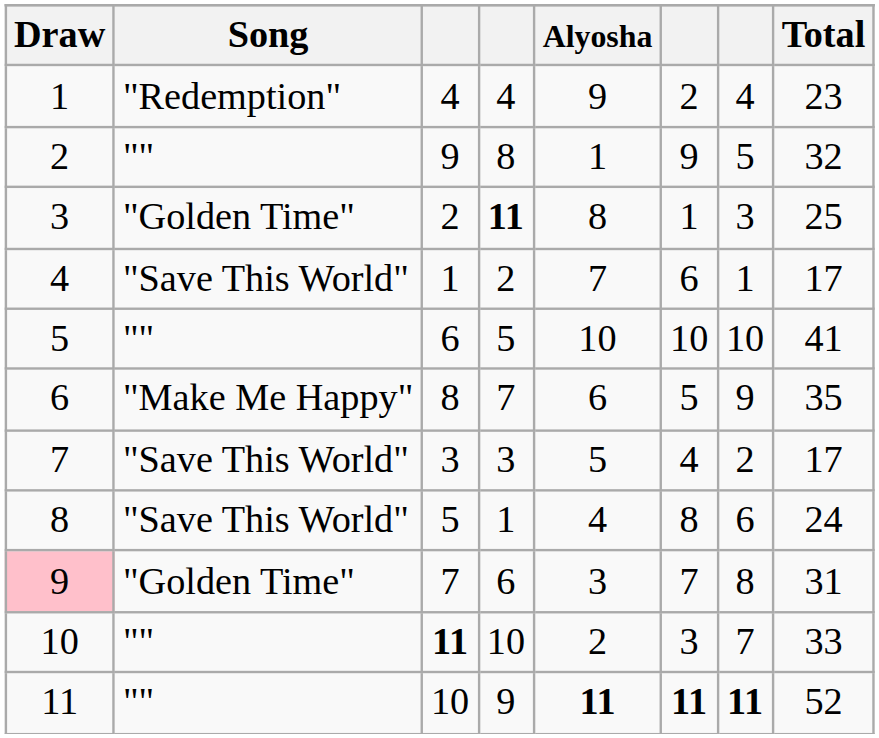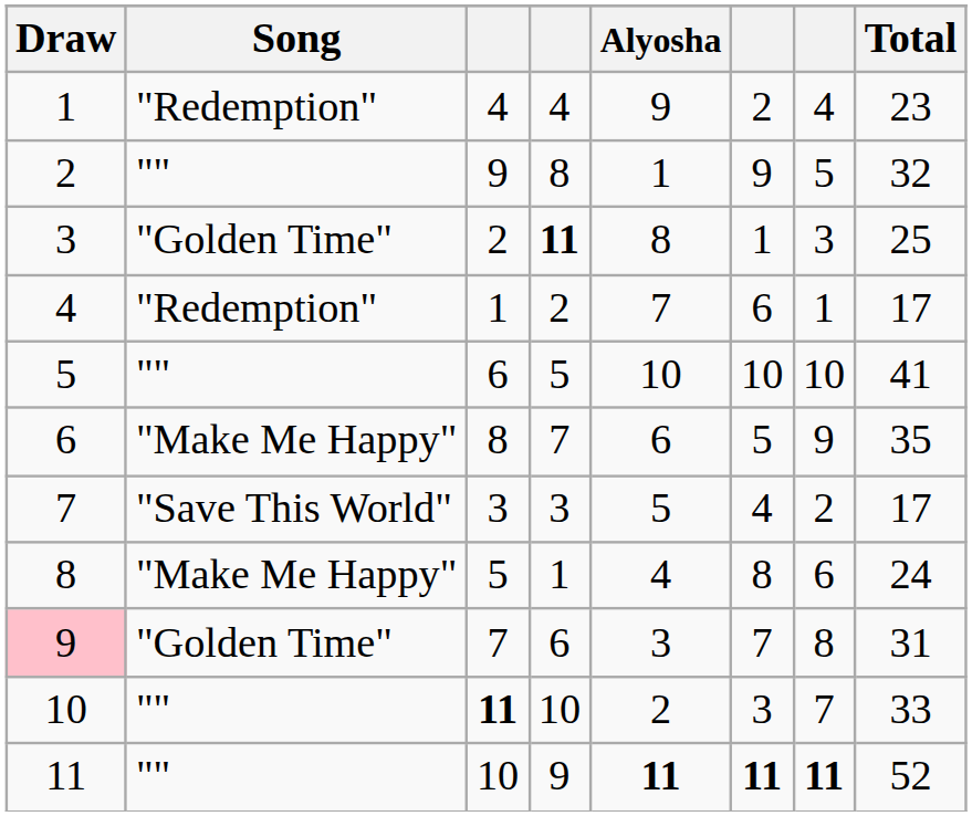 <table class="wikitable collapsible" style="margin: 1em auto 1em auto; text-align:center;">
 <tr>
 </tr>
 <tr>
 <th>Draw</th>
 <th>Song</th>
 <th><small></small></th>
 <th><small></small></th>
 <th><small>Alyosha</small></th>
 <th><small></small></th>
 <th><small></small></th>
 <th>Total</th>
 </tr>
 <tr>
 <td>1</td>
 <td align="left">"Redemption"</td>
 <td>4</td>
 <td>4</td>
 <td>9</td>
 <td>2</td>
 <td>4</td>
 <td>23</td>
 </tr>
 <tr>
 <td>2</td>
 <td align="left">""</td>
 <td>9</td>
 <td>8</td>
 <td>1</td>
 <td>9</td>
 <td>5</td>
 <td>32</td>
 </tr>
 <tr>
 <td>3</td>
 <td align="left">"Golden Time"</td>
 <td>2</td>
 <td><strong>11</strong></td>
 <td>8</td>
 <td>1</td>
 <td>3</td>
 <td>25</td>
 </tr>
 <tr>
 <td>4</td>
-<td align="left">"Save This World"</td>
+<td align="left">"Redemption"</td>
 <td>1</td>
 <td>2</td>
 <td>7</td>
 <td>6</td>
 <td>1</td>
 <td>17</td>
 </tr>
 <tr>
 <td>5</td>
 <td align="left">""</td>
 <td>6</td>
 <td>5</td>
 <td>10</td>
 <td>10</td>
 <td>10</td>
 <td>41</td>
 </tr>
 <tr>
 <td>6</td>
 <td align="left">"Make Me Happy"</td>
 <td>8</td>
 <td>7</td>
 <td>6</td>
 <td>5</td>
 <td>9</td>
 <td>35</td>
 </tr>
 <tr>
 <td>7</td>
 <td align="left">"Save This World"</td>
 <td>3</td>
 <td>3</td>
 <td>5</td>
 <td>4</td>
 <td>2</td>
 <td>17</td>
 </tr>
 <tr>
 <td>8</td>
-<td align="left">"Save This World"</td>
+<td align="left">"Make Me Happy"</td>
 <td>5</td>
 <td>1</td>
 <td>4</td>
 <td>8</td>
 <td>6</td>
 <td>24</td>
 </tr>
 <tr>
 <td style="background: pink;">9</td>
 <td align="left">"Golden Time"</td>
 <td>7</td>
 <td>6</td>
 <td>3</td>
 <td>7</td>
 <td>8</td>
 <td>31</td>
 </tr>
 <tr>
 <td>10</td>
 <td align="left">""</td>
 <td><strong>11</strong></td>
 <td>10</td>
 <td>2</td>
 <td>3</td>
 <td>7</td>
 <td>33</td>
 </tr>
 <tr>
 <td>11</td>
 <td align="left">""</td>
 <td>10</td>
 <td>9</td>
 <td><strong>11</strong></td>
 <td><strong>11</strong></td>
 <td><strong>11</strong></td>
 <td>52</td>
 </tr>
 </table>
